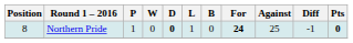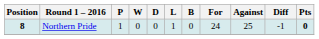 <table class="wikitable" style="text-align:center; font-size:85%;">
 <tr>
 <th width=40 abbr="Position">Position</th>
 <th width=100>Round 1 – 2016</th>
 <th width=20 abbr="Played">P</th>
 <th width=20 abbr="Won">W</th>
 <th width=20 abbr="Drawn">D</th>
 <th width=20 abbr="Lost">L</th>
 <th width=20 abbr="Bye">B</th>
 <th width=40 abbr="Points for">For</th>
 <th width=40 abbr="Points against">Against</th>
 <th width=40 abbr="Points difference">Diff</th>
 <th width=20 abbr="Points">Pts</th>
 </tr>
 <tr style="background: #d7ebed;">
-<td>8</td>
+<td><strong>8</strong></td>
 <td style="text-align:left;"> <a href='#'>Northern Pride</a></td>
 <td>1</td>
 <td>0</td>
-<td><strong>0</strong></td>
+<td>0</td>
 <td>1</td>
 <td>0</td>
-<td><strong>24</strong></td>
+<td>24</td>
 <td>25</td>
 <td>-1</td>
 <td><strong>0</strong></td>
 </tr>
 <tr>
 </tr>
 </table>
